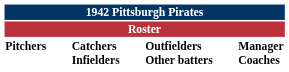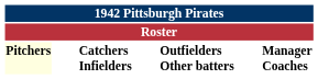 <table class="toccolours" style="font-size: 95%;">
 <tr>
 <th colspan="10" style="background-color: #023465; color: white; text-align: center;">1942 Pittsburgh Pirates</th>
 </tr>
 <tr>
 <td colspan="10" style="background-color: #ba313c; color: white; text-align: center;"><strong>Roster</strong></td>
 </tr>
 <tr>
-<td valign="top"><strong>Pitchers</strong><br>              </td>
+<td valign="top" style="background: lightyellow;"><strong>Pitchers</strong><br>              </td>
 <td width="25px"></td>
 <td valign="top"><strong>Catchers</strong><br>   <strong>Infielders</strong>       </td>
 <td width="25px"></td>
 <td valign="top"><strong>Outfielders</strong><br>         <strong>Other batters</strong> </td>
 <td width="25px"></td>
 <td valign="top"><strong>Manager</strong><br> <strong>Coaches</strong>   </td>
 </tr>
 </table>
